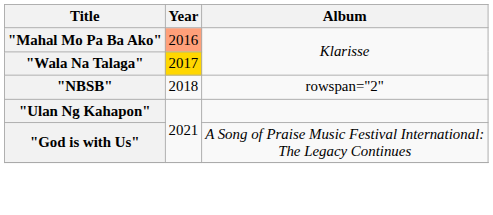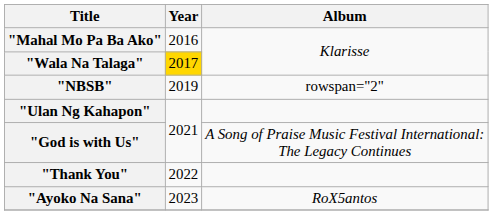 <table class="wikitable plainrowheaders" style="text-align:center;">
 <tr>
 <th>Title</th>
 <th>Year</th>
 <th>Album</th>
 </tr>
 <tr>
 <th scope="row">"Mahal Mo Pa Ba Ako"</th>
-<td style="background: lightsalmon;">2016</td>
+<td>2016</td>
 <td rowspan="2"><em>Klarisse</em></td>
 </tr>
 <tr>
 <th scope="row">"Wala Na Talaga"</th>
 <td style="background: gold;">2017</td>
 </tr>
 <tr>
 <th scope="row">"NBSB"</th>
-<td>2018</td>
+<td>2019</td>
 <td>rowspan="2" </td>
 </tr>
 <tr>
 <th scope="row">"Ulan Ng Kahapon"</th>
 <td rowspan="2">2021</td>
 </tr>
 <tr>
 <th scope="row">"God is with Us"<br></th>
 <td><em>A Song of Praise Music Festival International:<br>The Legacy Continues</em></td>
 </tr>
 <tr>
+<th scope="row">"Thank You"</th>
+<td>2022</td>
+<td></td>
+</tr>
+<tr>
+<th scope="row">"Ayoko Na Sana"<br></th>
+<td>2023</td>
+<td><em>RoX5antos</em></td>
+</tr>
+<tr>
 </tr>
 </table>
